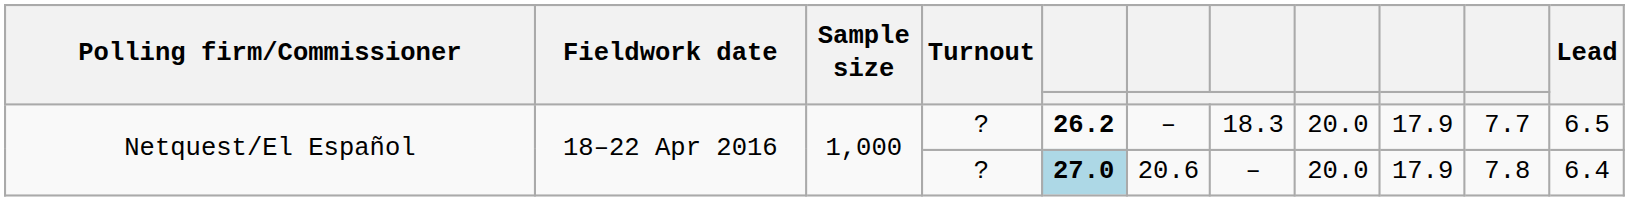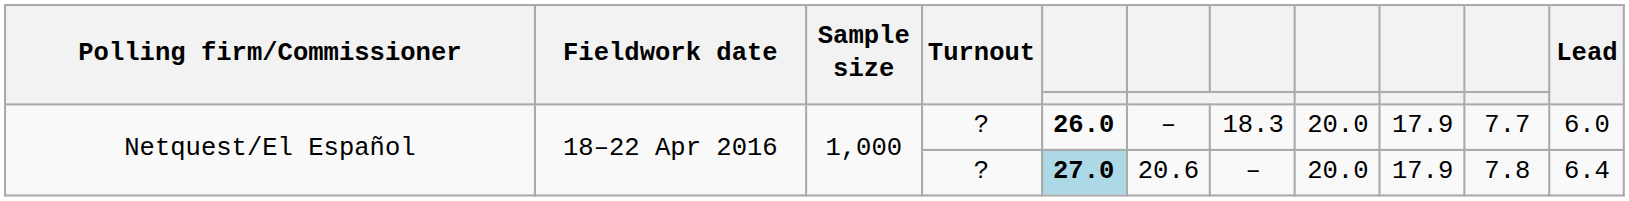 <table class="wikitable collapsible collapsed" style="text-align:center; font-size:95%; line-height:16px;">
 <tr style="height:42px;">
 <th style="width:250px;" rowspan="2">Polling firm/Commissioner</th>
 <th style="width:125px;" rowspan="2">Fieldwork date</th>
 <th style="width:50px;" rowspan="2">Sample size</th>
 <th style="width:45px;" rowspan="2">Turnout</th>
 <th style="width:35px;"></th>
 <th style="width:35px;"></th>
 <th style="width:35px;"></th>
 <th style="width:35px;"></th>
 <th style="width:35px;"></th>
 <th style="width:35px;"></th>
 <th style="width:30px;" rowspan="2">Lead</th>
 </tr>
 <tr>
 <th style="color:inherit;background:"></th>
 <th colspan="2" style="background:"></th>
 <th style="color:inherit;background:"></th>
 <th style="color:inherit;background:"></th>
 <th style="color:inherit;background:"></th>
 </tr>
 <tr>
 <td rowspan="2">Netquest/El Español</td>
 <td rowspan="2">18–22 Apr 2016</td>
 <td rowspan="2">1,000</td>
 <td>?</td>
-<td><strong>26.2</strong></td>
+<td><strong>26.0</strong></td>
 <td>–</td>
 <td>18.3</td>
 <td>20.0</td>
 <td>17.9</td>
 <td>7.7</td>
-<td style="background:">6.5</td>
+<td style="background:">6.0</td>
 </tr>
 <tr>
 <td>?</td>
 <td style="background: lightblue;"><strong>27.0</strong></td>
 <td>20.6</td>
 <td>–</td>
 <td>20.0</td>
 <td>17.9</td>
 <td>7.8</td>
 <td style="background:">6.4</td>
 </tr>
 </table>
